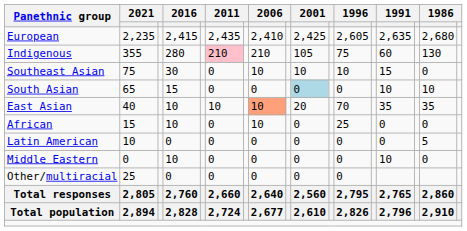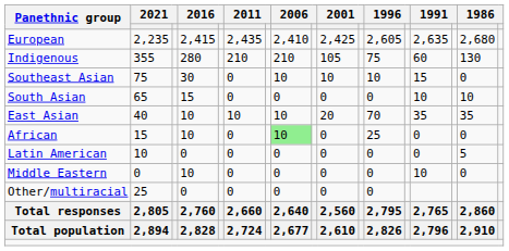 <table class="wikitable collapsible sortable">
 <tr>
 <th rowspan="2"><a href='#'>Panethnic</a> group</th>
 <th colspan="2">2021</th>
 <th colspan="2">2016</th>
 <th colspan="2">2011</th>
 <th colspan="2">2006</th>
 <th colspan="2">2001</th>
 <th colspan="2">1996</th>
 <th colspan="2">1991</th>
 <th colspan="2">1986</th>
 </tr>
 <tr>
 <th><a href='#'></a></th>
 <th></th>
 <th></th>
 <th></th>
 <th></th>
 <th></th>
 <th></th>
 <th></th>
 <th></th>
 <th></th>
 <th></th>
 <th></th>
 <th></th>
 <th></th>
 <th></th>
 <th></th>
 </tr>
 <tr>
 <td><a href='#'>European</a></td>
 <td>2,235</td>
 <td></td>
 <td>2,415</td>
 <td></td>
 <td>2,435</td>
 <td></td>
 <td>2,410</td>
 <td></td>
 <td>2,425</td>
 <td></td>
 <td>2,605</td>
 <td></td>
 <td>2,635</td>
 <td></td>
 <td>2,680</td>
 <td></td>
 </tr>
 <tr>
 <td><a href='#'>Indigenous</a></td>
 <td>355</td>
 <td></td>
 <td>280</td>
 <td></td>
-<td style="background: pink;">210</td>
+<td>210</td>
 <td></td>
 <td>210</td>
 <td></td>
 <td>105</td>
 <td></td>
 <td>75</td>
 <td></td>
 <td>60</td>
 <td></td>
 <td>130</td>
 <td></td>
 </tr>
 <tr>
 <td><a href='#'>Southeast Asian</a></td>
 <td>75</td>
 <td></td>
 <td>30</td>
 <td></td>
 <td>0</td>
 <td></td>
 <td>10</td>
 <td></td>
 <td>10</td>
 <td></td>
 <td>10</td>
 <td></td>
 <td>15</td>
 <td></td>
 <td>0</td>
 <td></td>
 </tr>
 <tr>
 <td><a href='#'>South Asian</a></td>
 <td>65</td>
 <td></td>
 <td>15</td>
 <td></td>
 <td>0</td>
 <td></td>
 <td>0</td>
 <td></td>
-<td style="background: lightblue;">0</td>
+<td>0</td>
 <td></td>
 <td>0</td>
 <td></td>
 <td>10</td>
 <td></td>
 <td>10</td>
 <td></td>
 </tr>
 <tr>
 <td><a href='#'>East Asian</a></td>
 <td>40</td>
 <td></td>
 <td>10</td>
 <td></td>
 <td>10</td>
 <td></td>
-<td style="background: lightsalmon;">10</td>
+<td>10</td>
 <td></td>
 <td>20</td>
 <td></td>
 <td>70</td>
 <td></td>
 <td>35</td>
 <td></td>
 <td>35</td>
 <td></td>
 </tr>
 <tr>
 <td><a href='#'>African</a></td>
 <td>15</td>
 <td></td>
 <td>10</td>
 <td></td>
 <td>0</td>
 <td></td>
-<td>10</td>
+<td style="background: lightgreen;">10</td>
 <td></td>
 <td>0</td>
 <td></td>
 <td>25</td>
 <td></td>
 <td>0</td>
 <td></td>
 <td>0</td>
 <td></td>
 </tr>
 <tr>
 <td><a href='#'>Latin American</a></td>
 <td>10</td>
 <td></td>
 <td>0</td>
 <td></td>
 <td>0</td>
 <td></td>
 <td>0</td>
 <td></td>
 <td>0</td>
 <td></td>
 <td>0</td>
 <td></td>
 <td>0</td>
 <td></td>
 <td>5</td>
 <td></td>
 </tr>
 <tr>
 <td><a href='#'>Middle Eastern</a></td>
 <td>0</td>
 <td></td>
 <td>10</td>
 <td></td>
 <td>0</td>
 <td></td>
 <td>0</td>
 <td></td>
 <td>0</td>
 <td></td>
 <td>0</td>
 <td></td>
 <td>10</td>
 <td></td>
 <td>0</td>
 <td></td>
 </tr>
 <tr>
 <td>Other/<a href='#'>multiracial</a></td>
 <td>25</td>
 <td></td>
 <td>0</td>
 <td></td>
 <td>0</td>
 <td></td>
 <td>0</td>
 <td></td>
 <td>0</td>
 <td></td>
 <td>0</td>
 <td></td>
 <td></td>
 <td></td>
 <td></td>
 <td></td>
 </tr>
 <tr>
 <th>Total responses</th>
 <th>2,805</th>
 <th></th>
 <th>2,760</th>
 <th></th>
 <th>2,660</th>
 <th></th>
 <th>2,640</th>
 <th></th>
 <th>2,560</th>
 <th></th>
 <th>2,795</th>
 <th></th>
 <th>2,765</th>
 <th></th>
 <th>2,860</th>
 <th></th>
 </tr>
 <tr class="sortbottom">
 <th>Total population</th>
 <th>2,894</th>
 <th></th>
 <th>2,828</th>
 <th></th>
 <th>2,724</th>
 <th></th>
 <th>2,677</th>
 <th></th>
 <th>2,610</th>
 <th></th>
 <th>2,826</th>
 <th></th>
 <th>2,796</th>
 <th></th>
 <th>2,910</th>
 <th></th>
 </tr>
 <tr class="sortbottom">
 <td colspan="20"></td>
 </tr>
 </table>
